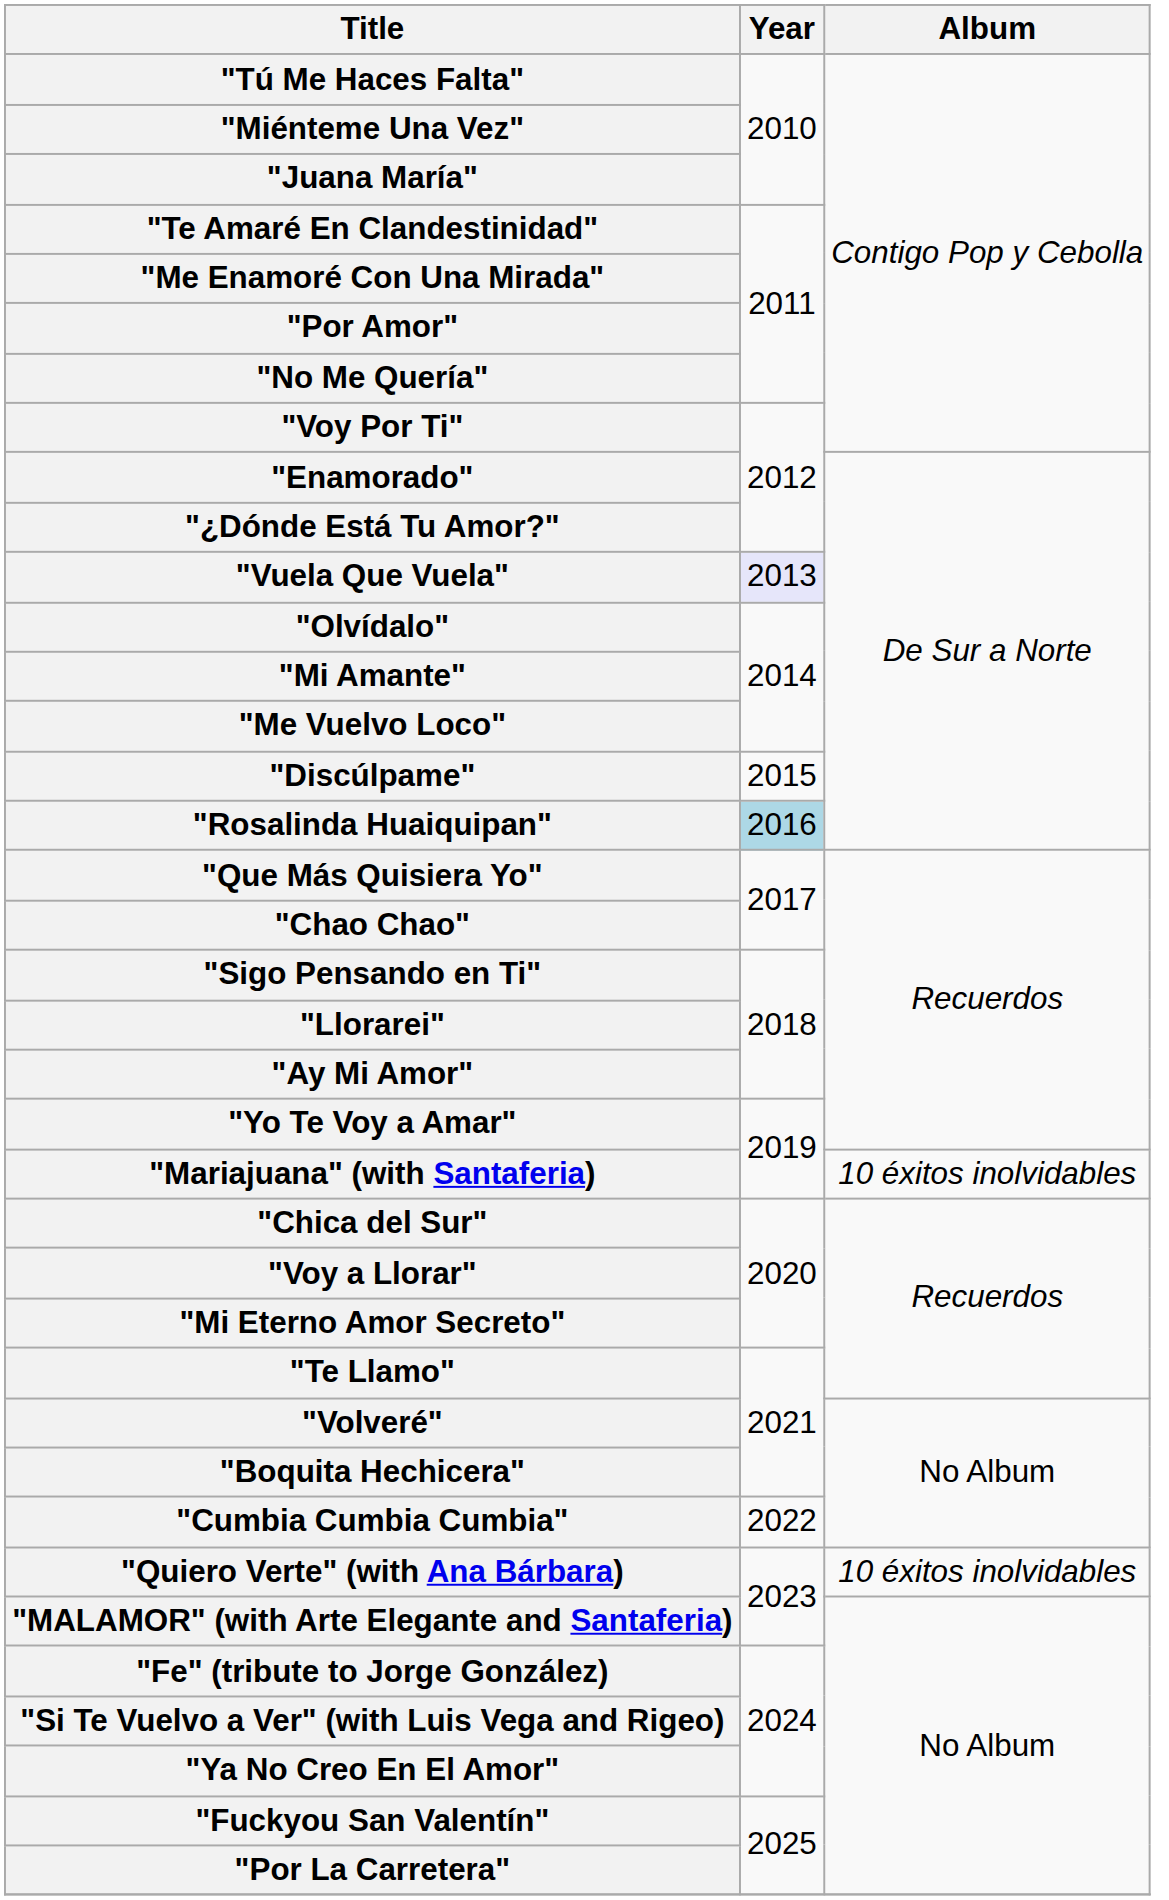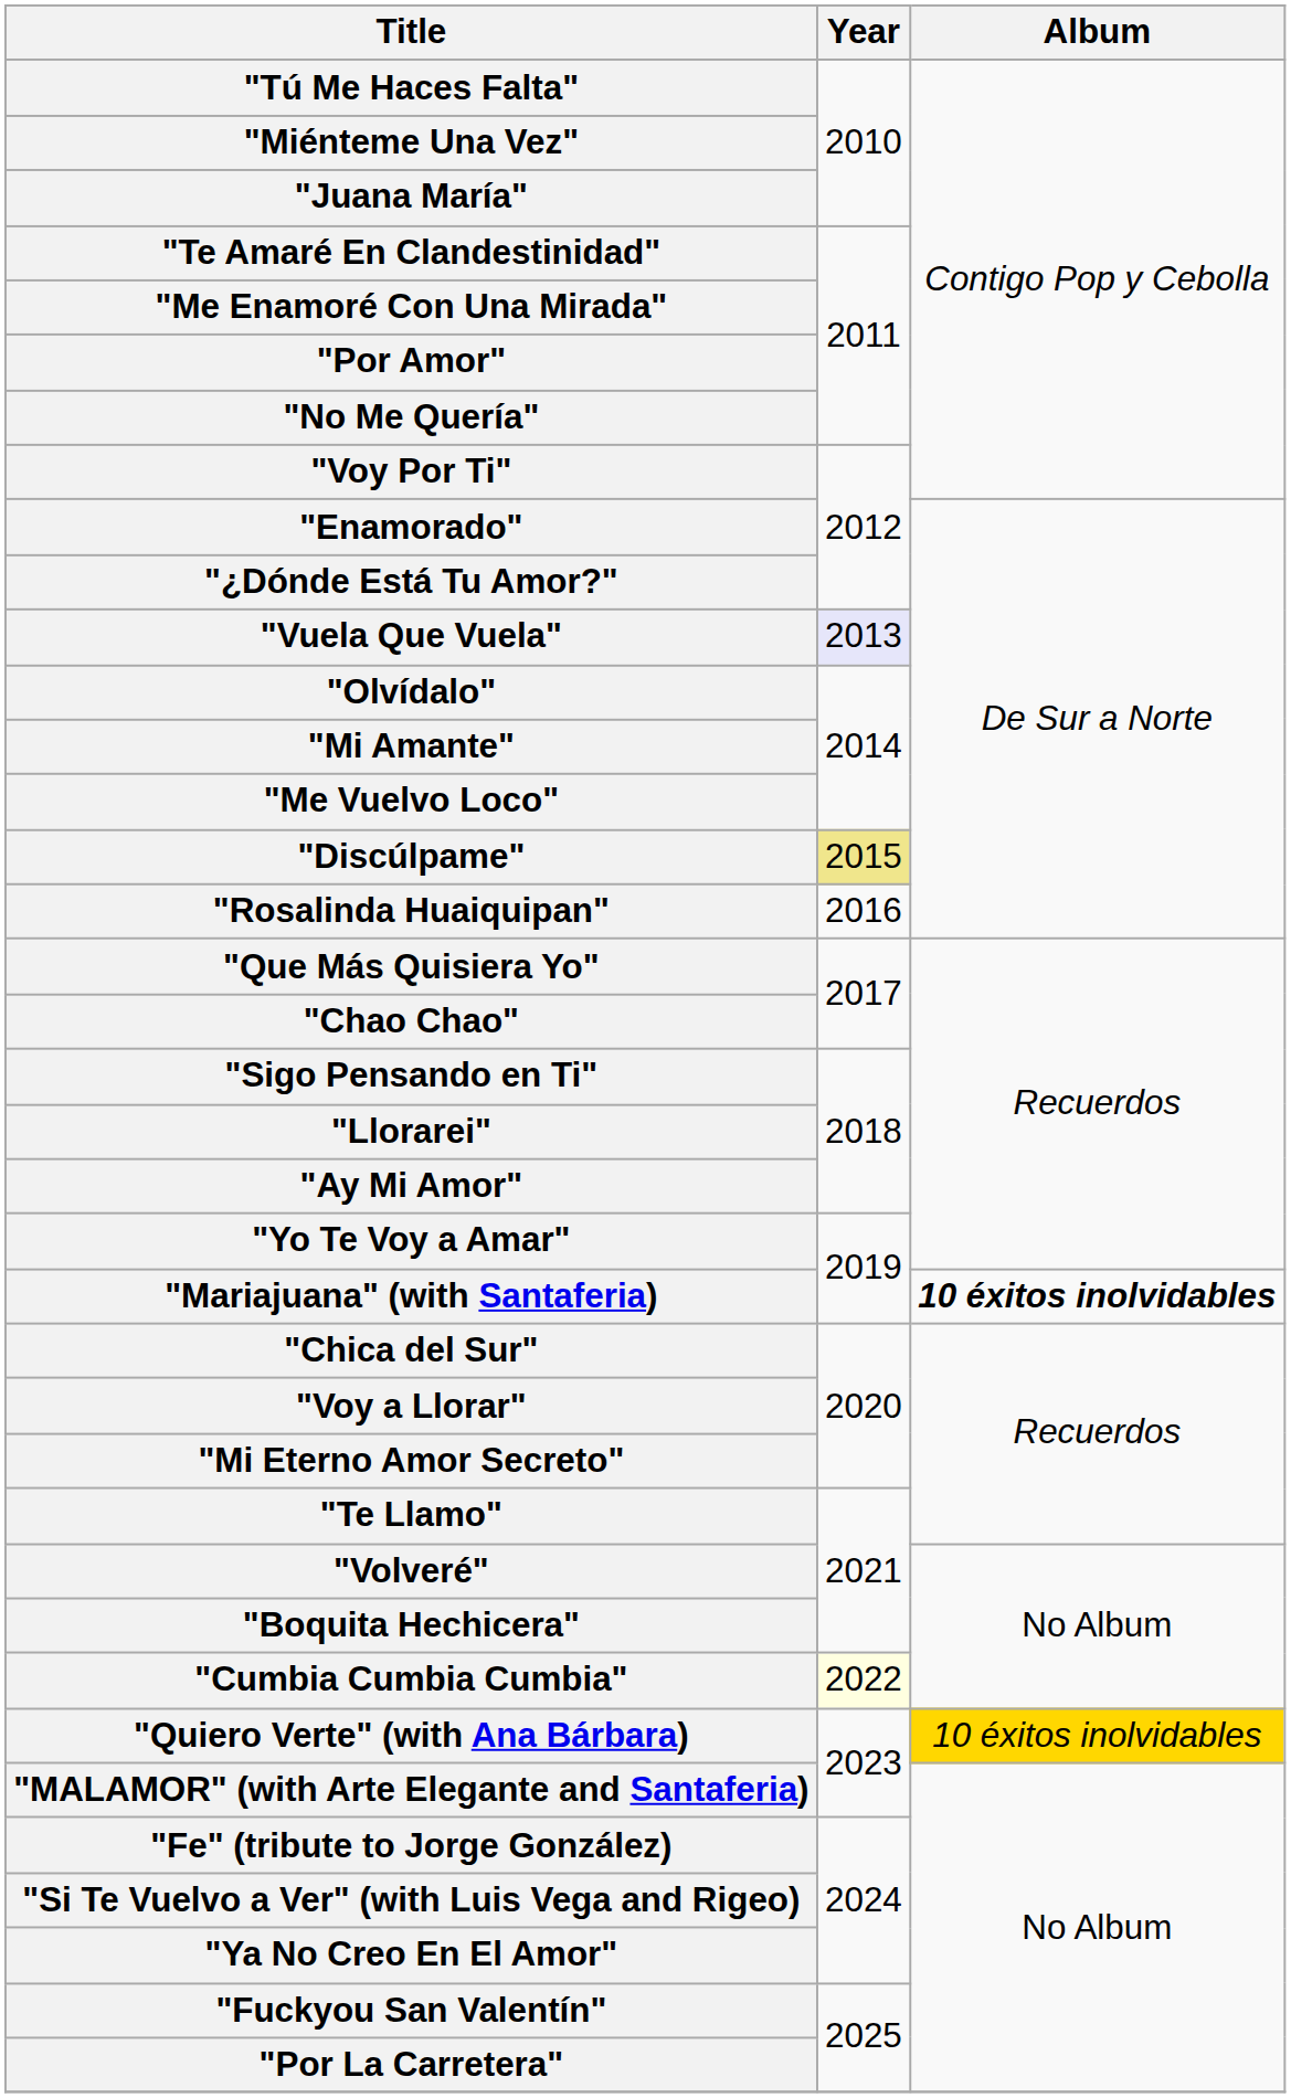 <table class="wikitable plainrowheaders" style="text-align:center;">
 <tr>
 <th>Title</th>
 <th scope="col" rowspan="1">Year</th>
 <th scope="col" rowspan="1">Album</th>
 </tr>
 <tr>
 <th scope="row">"Tú Me Haces Falta"</th>
 <td rowspan="3">2010</td>
 <td rowspan="8"><em>Contigo Pop y Cebolla</em></td>
 </tr>
 <tr>
 <th scope="row">"Miénteme Una Vez"</th>
 </tr>
 <tr>
 <th scope="row">"Juana María"</th>
 </tr>
 <tr>
 <th scope="row">"Te Amaré En Clandestinidad"</th>
 <td rowspan="4">2011</td>
 </tr>
 <tr>
 <th scope="row">"Me Enamoré Con Una Mirada"</th>
 </tr>
 <tr>
 <th scope="row">"Por Amor"</th>
 </tr>
 <tr>
 <th scope="row">"No Me Quería"</th>
 </tr>
 <tr>
 <th scope="row">"Voy Por Ti"</th>
 <td rowspan="3">2012</td>
 </tr>
 <tr>
 <th scope="row">"Enamorado"</th>
 <td rowspan="8"><em>De Sur a Norte</em></td>
 </tr>
 <tr>
 <th scope="row">"¿Dónde Está Tu Amor?"</th>
 </tr>
 <tr>
 <th scope="row">"Vuela Que Vuela"</th>
 <td rowspan="1" style="background: lavender;">2013</td>
 </tr>
 <tr>
 <th scope="row">"Olvídalo"</th>
 <td rowspan="3">2014</td>
 </tr>
 <tr>
 <th scope="row">"Mi Amante"</th>
 </tr>
 <tr>
 <th scope="row">"Me Vuelvo Loco"</th>
 </tr>
 <tr>
 <th scope="row">"Discúlpame"</th>
-<td rowspan="1">2015</td>
+<td rowspan="1" style="background: khaki;">2015</td>
 </tr>
 <tr>
 <th scope="row">"Rosalinda Huaiquipan"</th>
-<td rowspan="1" style="background: lightblue;">2016</td>
+<td rowspan="1">2016</td>
 </tr>
 <tr>
 <th scope="row">"Que Más Quisiera Yo"</th>
 <td rowspan="2">2017</td>
 <td rowspan="6"><em>Recuerdos</em></td>
 </tr>
 <tr>
 <th scope="row">"Chao Chao"</th>
 </tr>
 <tr>
 <th scope="row">"Sigo Pensando en Ti"</th>
 <td rowspan="3">2018</td>
 </tr>
 <tr>
 <th scope="row">"Llorarei"</th>
 </tr>
 <tr>
 <th scope="row">"Ay Mi Amor"</th>
 </tr>
 <tr>
 <th scope="row">"Yo Te Voy a Amar"</th>
 <td rowspan="2">2019</td>
 </tr>
 <tr>
 <th scope="row">"Mariajuana" (with <a href='#'>Santaferia</a>)</th>
-<td rowspan="1"><em>10 éxitos inolvidables</em></td>
+<td rowspan="1"><strong><em>10 éxitos inolvidables</em></strong></td>
 </tr>
 <tr>
 <th scope="row">"Chica del Sur"</th>
 <td rowspan="3">2020</td>
 <td rowspan="4"><em>Recuerdos</em></td>
 </tr>
 <tr>
 <th scope="row">"Voy a Llorar"</th>
 </tr>
 <tr>
 <th scope="row">"Mi Eterno Amor Secreto"</th>
 </tr>
 <tr>
 <th scope="row">"Te Llamo"</th>
 <td rowspan="3">2021</td>
 </tr>
 <tr>
 <th scope="row">"Volveré"</th>
 <td rowspan="3">No Album</td>
 </tr>
 <tr>
 <th scope="row">"Boquita Hechicera"</th>
 </tr>
 <tr>
 <th scope="row">"Cumbia Cumbia Cumbia"</th>
-<td rowspan="1">2022</td>
+<td rowspan="1" style="background: lightyellow;">2022</td>
 </tr>
 <tr>
 <th scope="row">"Quiero Verte" (with <a href='#'>Ana Bárbara</a>)</th>
 <td rowspan="2">2023</td>
-<td rowspan="1"><em>10 éxitos inolvidables</em></td>
+<td rowspan="1" style="background: gold;"><em>10 éxitos inolvidables</em></td>
 </tr>
 <tr>
 <th scope="row">"MALAMOR" (with Arte Elegante and <a href='#'>Santaferia</a>)</th>
 <td rowspan="6">No Album</td>
 </tr>
 <tr>
 <th scope="row">"Fe" (tribute to Jorge González)</th>
 <td rowspan="3">2024</td>
 </tr>
 <tr>
 <th scope="row">"Si Te Vuelvo a Ver" (with Luis Vega and Rigeo)</th>
 </tr>
 <tr>
 <th scope="row">"Ya No Creo En El Amor"</th>
 </tr>
 <tr>
 <th scope="row">"Fuckyou San Valentín"</th>
 <td rowspan="2">2025</td>
 </tr>
 <tr>
 <th scope="row">"Por La Carretera"</th>
 </tr>
 <tr>
 </tr>
 </table>
